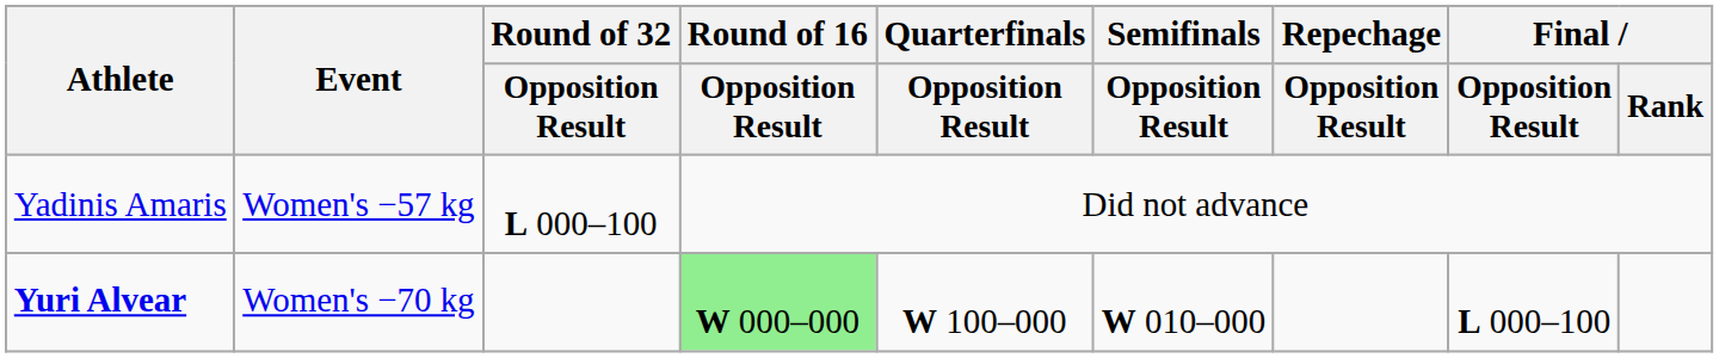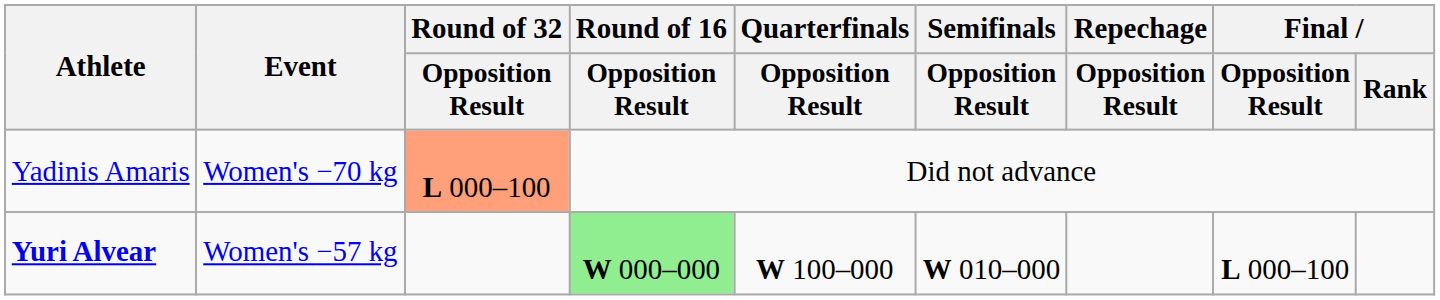 <table class="wikitable" style="font-size:90%">
 <tr>
 <th rowspan="2">Athlete</th>
 <th rowspan="2">Event</th>
 <th>Round of 32</th>
 <th>Round of 16</th>
 <th>Quarterfinals</th>
 <th>Semifinals</th>
 <th>Repechage</th>
 <th colspan=2>Final / </th>
 </tr>
 <tr style="font-size:95%">
 <th>Opposition<br>Result</th>
 <th>Opposition<br>Result</th>
 <th>Opposition<br>Result</th>
 <th>Opposition<br>Result</th>
 <th>Opposition<br>Result</th>
 <th>Opposition<br>Result</th>
 <th>Rank</th>
 </tr>
 <tr align=center>
 <td align=left><a href='#'>Yadinis Amaris</a></td>
-<td align=left><a href='#'>Women's −57 kg</a></td>
-<td><br><strong>L</strong> 000–100</td>
+<td align=left><a href='#'>Women's −70 kg</a></td>
+<td style="background: lightsalmon;"><br><strong>L</strong> 000–100</td>
 <td colspan=6>Did not advance</td>
 </tr>
 <tr align=center>
 <td align=left><strong><a href='#'>Yuri Alvear</a></strong></td>
-<td align=left><a href='#'>Women's −70 kg</a></td>
+<td align=left><a href='#'>Women's −57 kg</a></td>
 <td></td>
 <td style="background: lightgreen;"><br><strong>W</strong> 000–000 </td>
 <td><br><strong>W</strong> 100–000</td>
 <td><br><strong>W</strong> 010–000</td>
 <td></td>
 <td><br><strong>L</strong> 000–100</td>
 <td></td>
 </tr>
 </table>
